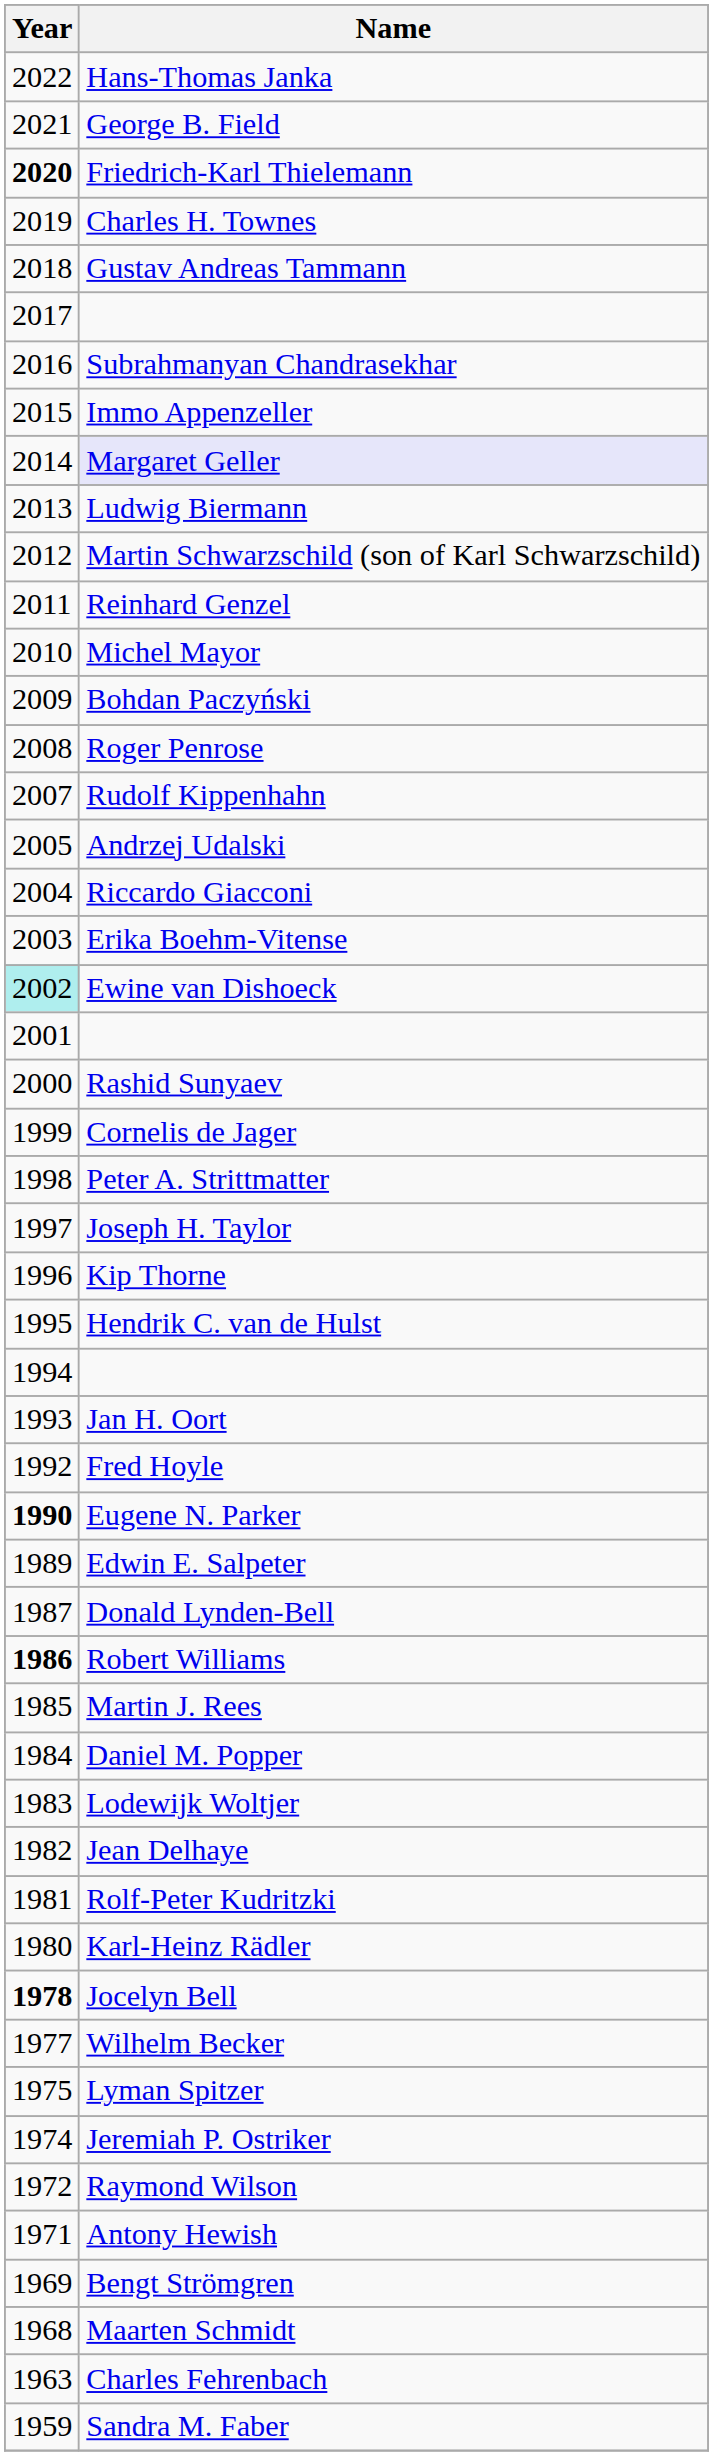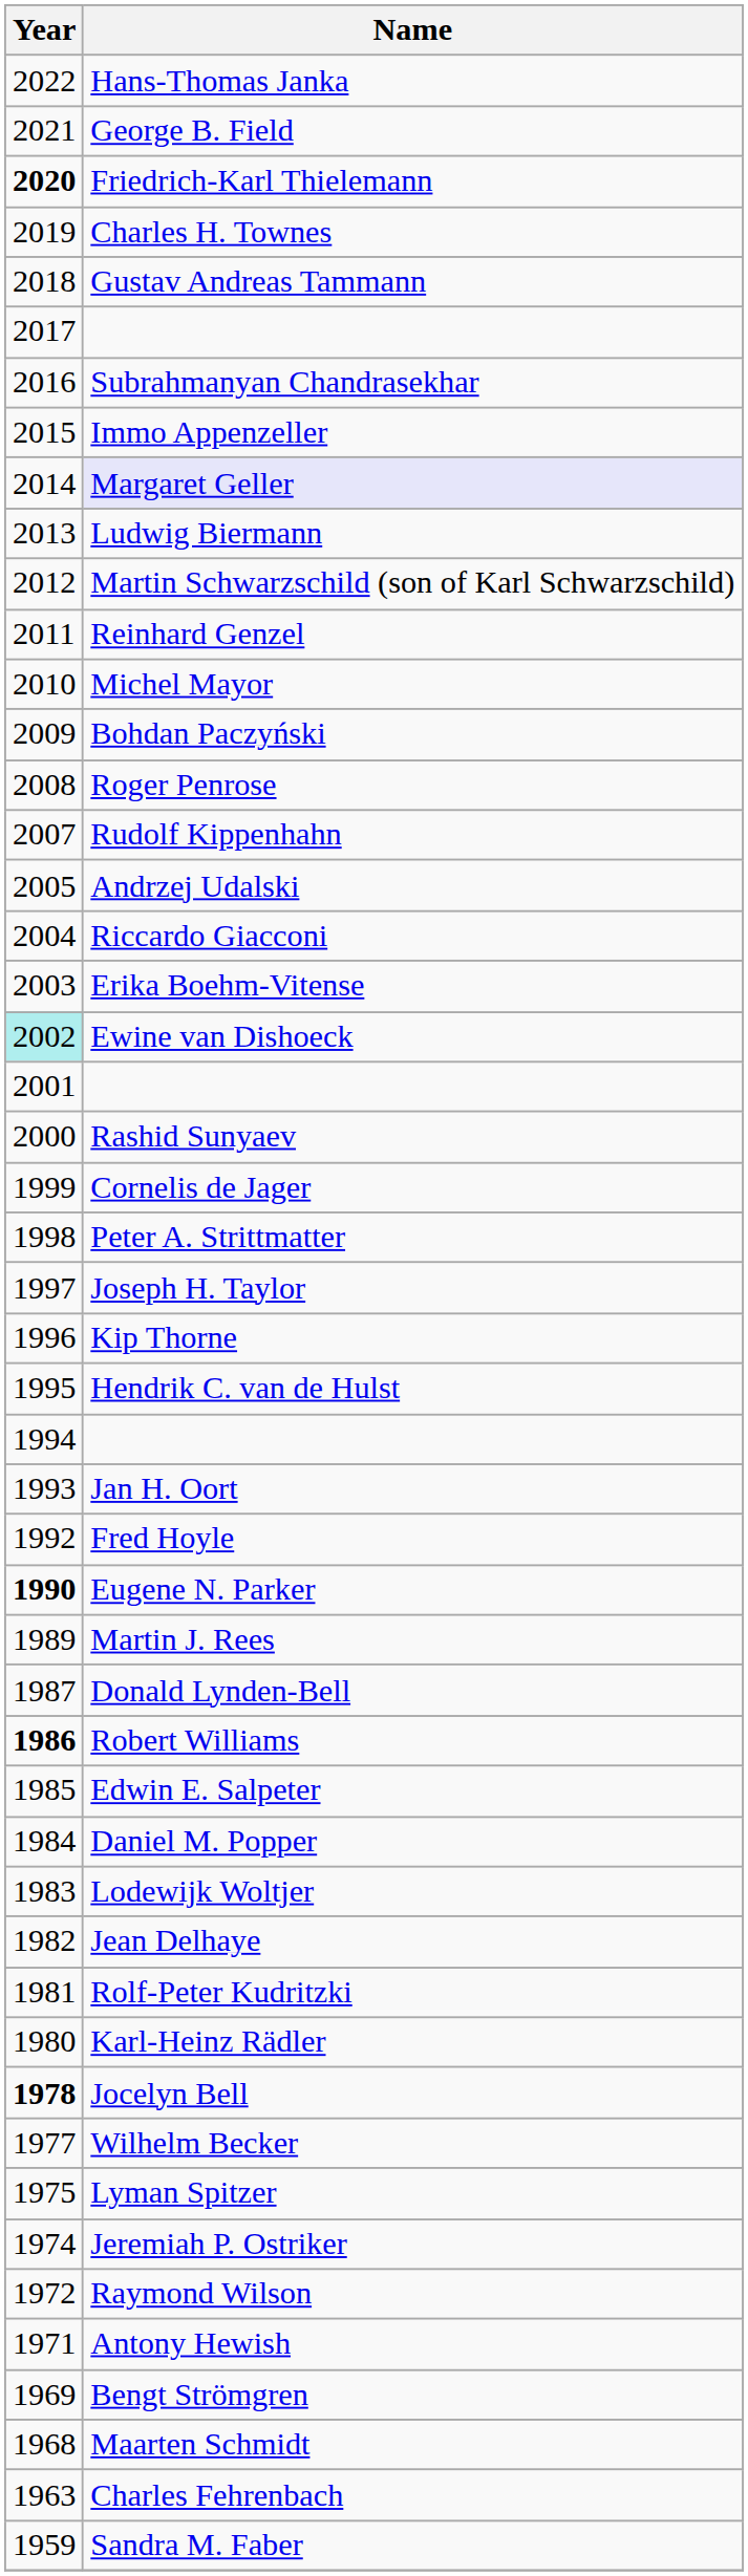 <table class="wikitable">
 <tr>
 <th>Year</th>
 <th>Name</th>
 </tr>
 <tr>
 <td>2022</td>
 <td><a href='#'>Hans-Thomas Janka</a></td>
 </tr>
 <tr>
 <td>2021</td>
 <td><a href='#'>George B. Field</a></td>
 </tr>
 <tr>
 <td><strong>2020</strong></td>
 <td><a href='#'>Friedrich-Karl Thielemann</a></td>
 </tr>
 <tr>
 <td>2019</td>
 <td><a href='#'>Charles H. Townes</a></td>
 </tr>
 <tr>
 <td>2018</td>
 <td><a href='#'>Gustav Andreas Tammann</a></td>
 </tr>
 <tr>
 <td>2017</td>
 <td></td>
 </tr>
 <tr>
 <td>2016</td>
 <td><a href='#'>Subrahmanyan Chandrasekhar</a></td>
 </tr>
 <tr>
 <td>2015</td>
 <td><a href='#'>Immo Appenzeller</a></td>
 </tr>
 <tr>
 <td>2014</td>
 <td style="background: lavender;"><a href='#'>Margaret Geller</a></td>
 </tr>
 <tr>
 <td>2013</td>
 <td><a href='#'>Ludwig Biermann</a></td>
 </tr>
 <tr>
 <td>2012</td>
 <td><a href='#'>Martin Schwarzschild</a> (son of Karl Schwarzschild)</td>
 </tr>
 <tr>
 <td>2011</td>
 <td><a href='#'>Reinhard Genzel</a></td>
 </tr>
 <tr>
 <td>2010</td>
 <td><a href='#'>Michel Mayor</a></td>
 </tr>
 <tr>
 <td>2009</td>
 <td><a href='#'>Bohdan Paczyński</a></td>
 </tr>
 <tr>
 <td>2008</td>
 <td><a href='#'>Roger Penrose</a></td>
 </tr>
 <tr>
 <td>2007</td>
 <td><a href='#'>Rudolf Kippenhahn</a></td>
 </tr>
 <tr>
 <td>2005</td>
 <td><a href='#'>Andrzej Udalski</a></td>
 </tr>
 <tr>
 <td>2004</td>
 <td><a href='#'>Riccardo Giacconi</a></td>
 </tr>
 <tr>
 <td>2003</td>
 <td><a href='#'>Erika Boehm-Vitense</a></td>
 </tr>
 <tr>
 <td style="background: paleturquoise;">2002</td>
 <td><a href='#'>Ewine van Dishoeck</a></td>
 </tr>
 <tr>
 <td>2001</td>
 <td></td>
 </tr>
 <tr>
 <td>2000</td>
 <td><a href='#'>Rashid Sunyaev</a></td>
 </tr>
 <tr>
 <td>1999</td>
 <td><a href='#'>Cornelis de Jager</a></td>
 </tr>
 <tr>
 <td>1998</td>
 <td><a href='#'>Peter A. Strittmatter</a></td>
 </tr>
 <tr>
 <td>1997</td>
 <td><a href='#'>Joseph H. Taylor</a></td>
 </tr>
 <tr>
 <td>1996</td>
 <td><a href='#'>Kip Thorne</a></td>
 </tr>
 <tr>
 <td>1995</td>
 <td><a href='#'>Hendrik C. van de Hulst</a></td>
 </tr>
 <tr>
 <td>1994</td>
 <td></td>
 </tr>
 <tr>
 <td>1993</td>
 <td><a href='#'>Jan H. Oort</a></td>
 </tr>
 <tr>
 <td>1992</td>
 <td><a href='#'>Fred Hoyle</a></td>
 </tr>
 <tr>
 <td><strong>1990</strong></td>
 <td><a href='#'>Eugene N. Parker</a></td>
 </tr>
 <tr>
 <td>1989</td>
-<td><a href='#'>Edwin E. Salpeter</a></td>
+<td><a href='#'>Martin J. Rees</a></td>
 </tr>
 <tr>
 <td>1987</td>
 <td><a href='#'>Donald Lynden-Bell</a></td>
 </tr>
 <tr>
 <td><strong>1986</strong></td>
 <td><a href='#'>Robert Williams</a></td>
 </tr>
 <tr>
 <td>1985</td>
-<td><a href='#'>Martin J. Rees</a></td>
+<td><a href='#'>Edwin E. Salpeter</a></td>
 </tr>
 <tr>
 <td>1984</td>
 <td><a href='#'>Daniel M. Popper</a></td>
 </tr>
 <tr>
 <td>1983</td>
 <td><a href='#'>Lodewijk Woltjer</a></td>
 </tr>
 <tr>
 <td>1982</td>
 <td><a href='#'>Jean Delhaye</a></td>
 </tr>
 <tr>
 <td>1981</td>
 <td><a href='#'>Rolf-Peter Kudritzki</a></td>
 </tr>
 <tr>
 <td>1980</td>
 <td><a href='#'>Karl-Heinz Rädler</a></td>
 </tr>
 <tr>
 <td><strong>1978</strong></td>
 <td><a href='#'>Jocelyn Bell</a></td>
 </tr>
 <tr>
 <td>1977</td>
 <td><a href='#'>Wilhelm Becker</a></td>
 </tr>
 <tr>
 <td>1975</td>
 <td><a href='#'>Lyman Spitzer</a></td>
 </tr>
 <tr>
 <td>1974</td>
 <td><a href='#'>Jeremiah P. Ostriker</a></td>
 </tr>
 <tr>
 <td>1972</td>
 <td><a href='#'>Raymond Wilson</a></td>
 </tr>
 <tr>
 <td>1971</td>
 <td><a href='#'>Antony Hewish</a></td>
 </tr>
 <tr>
 <td>1969</td>
 <td><a href='#'>Bengt Strömgren</a></td>
 </tr>
 <tr>
 <td>1968</td>
 <td><a href='#'>Maarten Schmidt</a></td>
 </tr>
 <tr>
 <td>1963</td>
 <td><a href='#'>Charles Fehrenbach</a></td>
 </tr>
 <tr>
 <td>1959</td>
 <td><a href='#'>Sandra M. Faber</a></td>
 </tr>
 <tr>
 </tr>
 </table>
